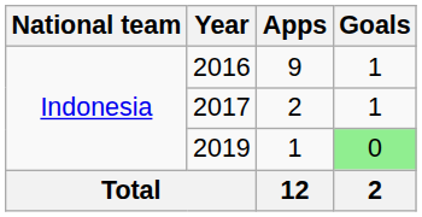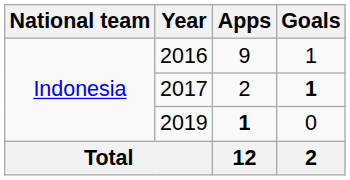 <table class="wikitable" style="text-align:center">
 <tr>
 <th>National team</th>
 <th>Year</th>
 <th>Apps</th>
 <th>Goals</th>
 </tr>
 <tr>
 <td rowspan="3"><a href='#'>Indonesia</a></td>
 <td>2016</td>
 <td>9</td>
 <td>1</td>
 </tr>
 <tr>
 <td>2017</td>
 <td>2</td>
-<td>1</td>
+<td><strong>1</strong></td>
 </tr>
 <tr>
 <td>2019</td>
-<td>1</td>
-<td style="background: lightgreen;">0</td>
+<td><strong>1</strong></td>
+<td>0</td>
 </tr>
 <tr>
 <th colspan=2>Total</th>
 <th>12</th>
 <th>2</th>
 </tr>
 </table>
